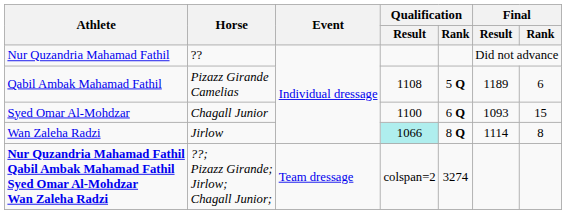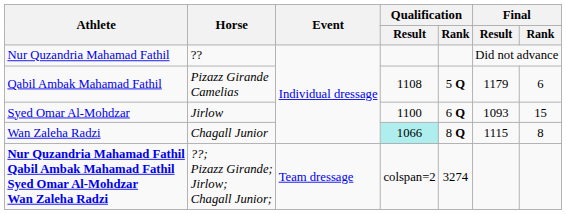 <table class="wikitable" style="font-size:90%">
 <tr>
 <th rowspan=2>Athlete</th>
 <th rowspan=2>Horse</th>
 <th rowspan=2>Event</th>
 <th colspan=2>Qualification</th>
 <th colspan=2>Final</th>
 </tr>
 <tr style="font-size:95%">
 <th>Result</th>
 <th>Rank</th>
 <th>Result</th>
 <th>Rank</th>
 </tr>
 <tr align=center>
 <td align=left><a href='#'>Nur Quzandria Mahamad Fathil</a></td>
 <td align=left>??</td>
 <td align=left rowspan=4><a href='#'>Individual dressage</a></td>
 <td></td>
 <td></td>
 <td colspan=2>Did not advance</td>
 </tr>
 <tr align=center>
 <td align=left><a href='#'>Qabil Ambak Mahamad Fathil</a></td>
 <td align=left><em>Pizazz Girande</em><br><em>Camelias</em></td>
 <td>1108</td>
 <td>5 <strong>Q</strong></td>
-<td>1189</td>
+<td>1179</td>
 <td>6</td>
 </tr>
 <tr align=center>
 <td align=left><a href='#'>Syed Omar Al-Mohdzar</a></td>
-<td align=left><em>Chagall Junior</em></td>
+<td align=left><em>Jirlow</em></td>
 <td>1100</td>
 <td>6 <strong>Q</strong></td>
 <td>1093</td>
 <td>15</td>
 </tr>
 <tr align=center>
 <td align=left><a href='#'>Wan Zaleha Radzi</a></td>
-<td align=left><em>Jirlow</em></td>
+<td align=left><em>Chagall Junior</em></td>
 <td style="background: paleturquoise;">1066</td>
 <td>8 <strong>Q</strong></td>
-<td>1114</td>
+<td>1115</td>
 <td>8</td>
 </tr>
 <tr align=center>
 <td align=left><strong><a href='#'>Nur Quzandria Mahamad Fathil</a><br><a href='#'>Qabil Ambak Mahamad Fathil</a><br><a href='#'>Syed Omar Al-Mohdzar</a><br><a href='#'>Wan Zaleha Radzi</a></strong></td>
 <td align=left><em>??;<br>Pizazz Girande;<br>Jirlow;<br>Chagall Junior;</em></td>
 <td align=left><a href='#'>Team dressage</a></td>
 <td>colspan=2 </td>
 <td>3274</td>
 <td></td>
 </tr>
 </table>
